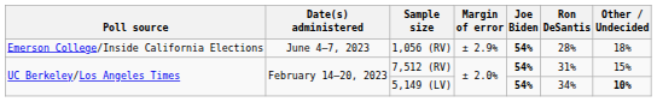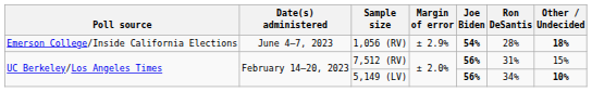 <table class="wikitable sortable mw-datatable" style="font-size:90%;text-align:center;line-height:17px">
 <tr valign=bottom>
 <th>Poll source</th>
 <th>Date(s)<br>administered</th>
 <th>Sample<br>size</th>
 <th>Margin<br>of error</th>
 <th class="unsortable">Joe<br>Biden<br></th>
 <th class="unsortable">Ron<br>DeSantis<br></th>
 <th class="unsortable">Other /<br>Undecided</th>
 </tr>
 <tr>
 <td style="text-align:left;"><a href='#'>Emerson College</a>/Inside California Elections</td>
 <td>June 4–7, 2023</td>
 <td>1,056 (RV)</td>
 <td>± 2.9%</td>
 <td style="color:black;background-color:"><strong>54%</strong></td>
 <td>28%</td>
-<td>18%</td>
+<td><strong>18%</strong></td>
 </tr>
 <tr>
 <td style="text-align:left;" rowspan="2"><a href='#'>UC Berkeley</a>/<a href='#'>Los Angeles Times</a></td>
 <td rowspan="2">February 14–20, 2023</td>
 <td>7,512 (RV)</td>
 <td rowspan="2">± 2.0%</td>
-<td style="color:black;background-color:"><strong>54%</strong></td>
+<td style="color:black;background-color:"><strong>56%</strong></td>
 <td>31%</td>
 <td>15%</td>
 </tr>
 <tr>
 <td>5,149 (LV)</td>
-<td style="color:black;background-color:"><strong>54%</strong></td>
+<td style="color:black;background-color:"><strong>56%</strong></td>
 <td>34%</td>
 <td><strong>10%</strong></td>
 </tr>
 </table>
